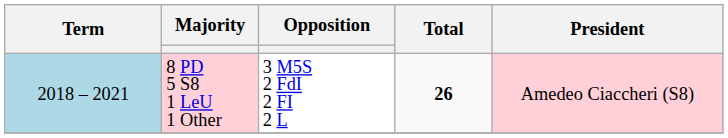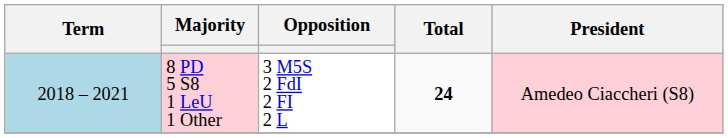 <table class="wikitable" style="text-align:center;font-size:85%;line-height:13px">
 <tr style="height:30px; background-color:#E9E9E9">
 <th style="width:110px;" rowspan="2">Term</th>
 <th style="width:65px;">Majority</th>
 <th style="width:95px;">Opposition</th>
 <th style="width:65px;" rowspan="2">Total</th>
 <th style="width:165px;" rowspan="2">President</th>
 </tr>
 <tr>
 <th style="background:"></th>
 <th style="background:"></th>
 </tr>
 <tr>
 <td style="background: lightblue;">2018 – 2021</td>
 <td style="background:#FFD0D7; text-align:left;">8 <a href='#'>PD</a> <br>5 S8 <br> 1 <a href='#'>LeU</a> <br>1 Other</td>
 <td style="background:white; text-align:left;">3 <a href='#'>M5S</a> <br> 2 <a href='#'>FdI</a> <br> 2 <a href='#'>FI</a><br> 2 <a href='#'>L</a></td>
-<td><strong>26</strong></td>
+<td><strong>24</strong></td>
 <td style="background:#FFD0D7; text-align:center;">Amedeo Ciaccheri (S8)</td>
 </tr>
 <tr>
 </tr>
 </table>
